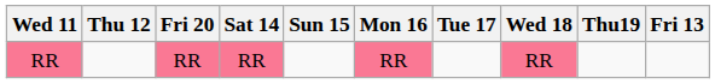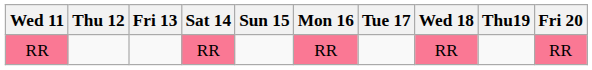 <table class="wikitable" style="margin:0.5em auto; font-size:90%; line-height:1.25em; text-align:center">
 <tr>
 <th>Wed 11</th>
 <th>Thu 12</th>
-<th>Fri 20</th>
+<th>Fri 13</th>
 <th>Sat 14</th>
 <th>Sun 15</th>
 <th>Mon 16</th>
 <th>Tue 17</th>
 <th>Wed 18</th>
 <th>Thu19</th>
-<th>Fri 13</th>
+<th>Fri 20</th>
 </tr>
 <tr>
 <td bgcolor="#FA7894">RR</td>
 <td></td>
-<td bgcolor="#FA7894">RR</td>
+<td></td>
 <td bgcolor="#FA7894">RR</td>
 <td></td>
 <td bgcolor="#FA7894">RR</td>
 <td></td>
 <td bgcolor="#FA7894">RR</td>
 <td></td>
-<td></td>
+<td bgcolor="#FA7894">RR</td>
 </tr>
 </table>
